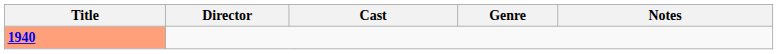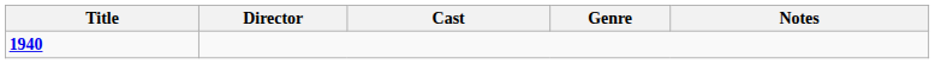 <table class="wikitable" width= "100%">
 <tr>
 <th width=21%>Title</th>
 <th width=16%>Director</th>
 <th width=22%>Cast</th>
 <th width=13%>Genre</th>
 <th width=28%>Notes</th>
 </tr>
 <tr>
-<td style="background: lightsalmon;"><strong><a href='#'>1940</a></strong></td>
+<td><strong><a href='#'>1940</a></strong></td>
 </tr>
 </table>
